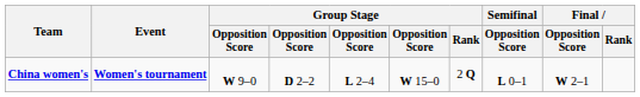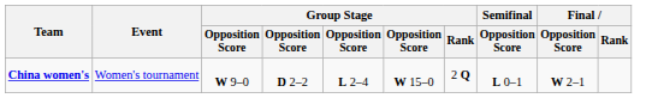 <table class=wikitable style=font-size:90%;text-align:center>
 <tr>
 <th rowspan=2>Team</th>
 <th rowspan=2>Event</th>
 <th colspan=5>Group Stage</th>
 <th>Semifinal</th>
 <th colspan=2>Final / </th>
 </tr>
 <tr style=font-size:95%>
 <th>Opposition<br>Score</th>
 <th>Opposition<br>Score</th>
 <th>Opposition<br>Score</th>
 <th>Opposition<br>Score</th>
 <th>Rank</th>
 <th>Opposition<br>Score</th>
 <th>Opposition<br>Score</th>
 <th>Rank</th>
 </tr>
 <tr>
 <td align=left><strong><a href='#'>China women's</a></strong></td>
-<td align=left><strong><a href='#'>Women's tournament</a></strong></td>
+<td align=left><a href='#'>Women's tournament</a></td>
 <td><br><strong>W</strong> 9–0</td>
 <td><br><strong>D</strong> 2–2</td>
 <td><br><strong>L</strong> 2–4</td>
 <td><br><strong>W</strong> 15–0</td>
 <td>2 <strong>Q</strong></td>
 <td><br><strong>L</strong> 0–1</td>
 <td><br><strong>W</strong> 2–1</td>
 <td></td>
 </tr>
 </table>
